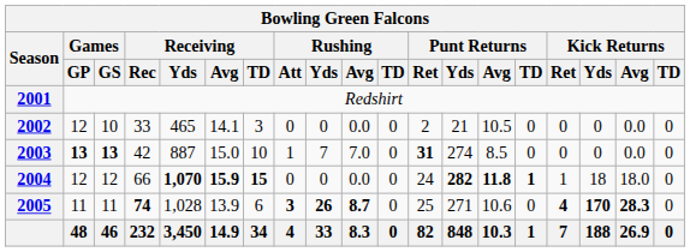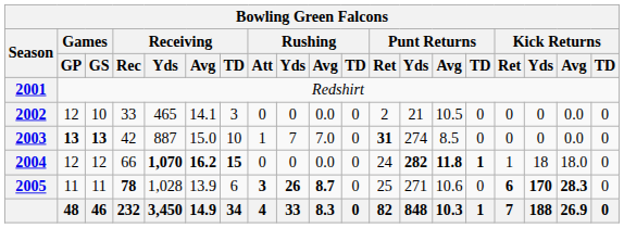 <table class=wikitable style="text-align:center;">
 <tr>
 <th colspan="20">Bowling Green Falcons</th>
 </tr>
 <tr>
 <th rowspan="2">Season</th>
 <th colspan="2">Games</th>
 <th colspan="4">Receiving</th>
 <th colspan="4">Rushing</th>
 <th colspan="4">Punt Returns</th>
 <th colspan="4">Kick Returns</th>
 </tr>
 <tr>
 <th>GP</th>
 <th>GS</th>
 <th>Rec</th>
 <th>Yds</th>
 <th>Avg</th>
 <th>TD</th>
 <th>Att</th>
 <th>Yds</th>
 <th>Avg</th>
 <th>TD</th>
 <th>Ret</th>
 <th>Yds</th>
 <th>Avg</th>
 <th>TD</th>
 <th>Ret</th>
 <th>Yds</th>
 <th>Avg</th>
 <th>TD</th>
 </tr>
 <tr>
 <th><a href='#'>2001</a></th>
 <td colspan="19"><em>Redshirt </em></td>
 </tr>
 <tr>
 <th><a href='#'>2002</a></th>
 <td>12</td>
 <td>10</td>
 <td>33</td>
 <td>465</td>
 <td>14.1</td>
 <td>3</td>
 <td>0</td>
 <td>0</td>
 <td>0.0</td>
 <td>0</td>
 <td>2</td>
 <td>21</td>
 <td>10.5</td>
 <td>0</td>
 <td>0</td>
 <td>0</td>
 <td>0.0</td>
 <td>0</td>
 </tr>
 <tr>
 <th><a href='#'>2003</a></th>
 <td><strong>13</strong></td>
 <td><strong>13</strong></td>
 <td>42</td>
 <td>887</td>
 <td>15.0</td>
 <td>10</td>
 <td>1</td>
 <td>7</td>
 <td>7.0</td>
 <td>0</td>
 <td><strong>31</strong></td>
 <td>274</td>
 <td>8.5</td>
 <td>0</td>
 <td>0</td>
 <td>0</td>
 <td>0.0</td>
 <td>0</td>
 </tr>
 <tr>
 <th><a href='#'>2004</a></th>
 <td>12</td>
 <td>12</td>
 <td>66</td>
 <td><strong>1,070</strong></td>
-<td><strong>15.9</strong></td>
+<td><strong>16.2</strong></td>
 <td><strong>15</strong></td>
 <td>0</td>
 <td>0</td>
 <td>0.0</td>
 <td>0</td>
 <td>24</td>
 <td><strong>282</strong></td>
 <td><strong>11.8</strong></td>
 <td><strong>1</strong></td>
 <td>1</td>
 <td>18</td>
 <td>18.0</td>
 <td>0</td>
 </tr>
 <tr>
 <th><a href='#'>2005</a></th>
 <td>11</td>
 <td>11</td>
-<td><strong>74</strong></td>
+<td><strong>78</strong></td>
 <td>1,028</td>
 <td>13.9</td>
 <td>6</td>
 <td><strong>3</strong></td>
 <td><strong>26</strong></td>
 <td><strong>8.7</strong></td>
 <td>0</td>
 <td>25</td>
 <td>271</td>
 <td>10.6</td>
 <td>0</td>
-<td><strong>4</strong></td>
+<td><strong>6</strong></td>
 <td><strong>170</strong></td>
 <td><strong>28.3</strong></td>
 <td>0</td>
 </tr>
 <tr>
 <th></th>
 <th>48</th>
 <th>46</th>
 <th>232</th>
 <th>3,450</th>
 <th>14.9</th>
 <th>34</th>
 <th>4</th>
 <th>33</th>
 <th>8.3</th>
 <th>0</th>
 <th>82</th>
 <th>848</th>
 <th>10.3</th>
 <th>1</th>
 <th>7</th>
 <th>188</th>
 <th>26.9</th>
 <th>0</th>
 </tr>
 </table>
